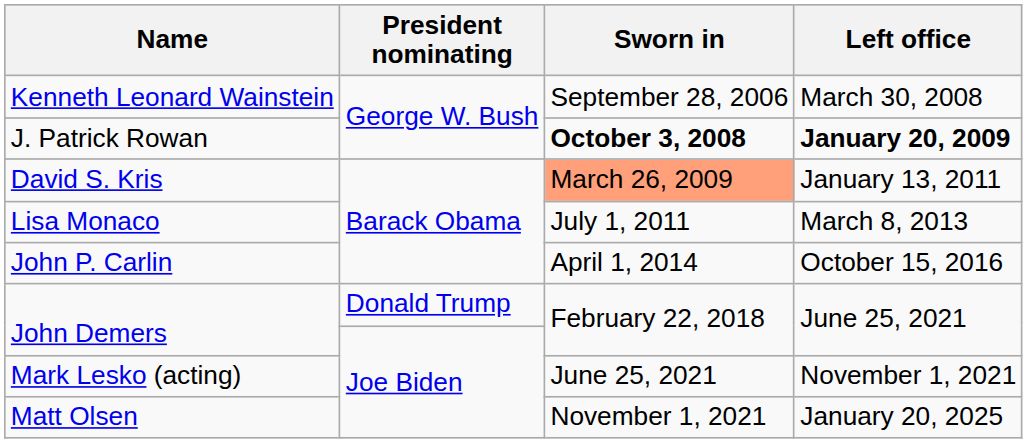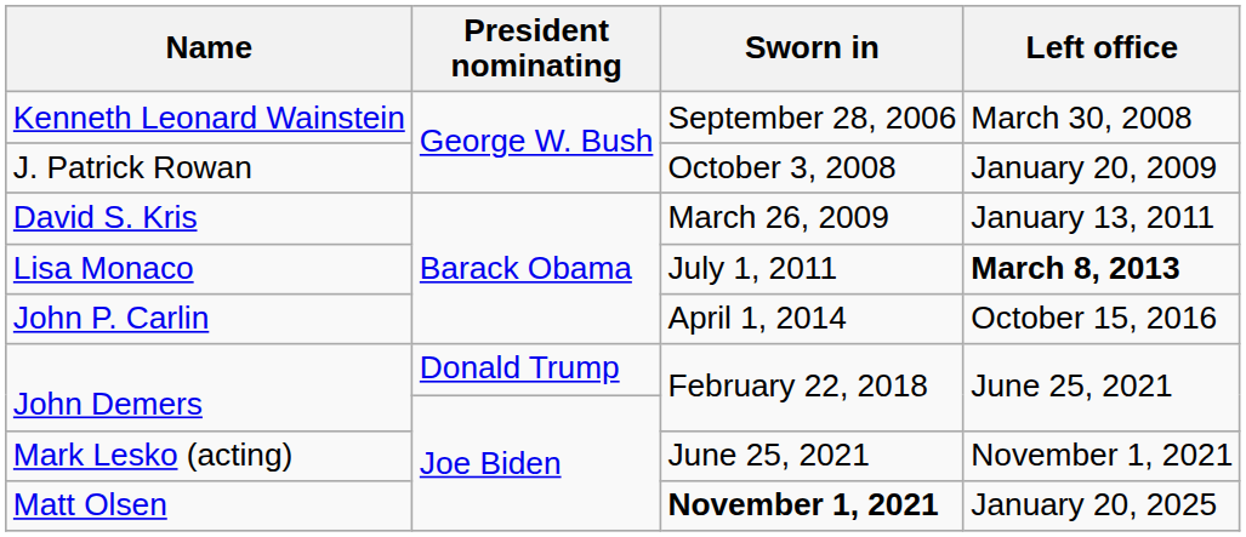 <table class="wikitable" border="1">
 <tr>
 <th>Name</th>
 <th>President<br>nominating</th>
 <th>Sworn in</th>
 <th>Left office</th>
 </tr>
 <tr>
 <td><a href='#'>Kenneth Leonard Wainstein</a></td>
 <td rowspan="2"><a href='#'>George W. Bush</a></td>
 <td>September 28, 2006</td>
 <td>March 30, 2008</td>
 </tr>
 <tr>
 <td>J. Patrick Rowan</td>
-<td><strong>October 3, 2008</strong></td>
-<td><strong>January 20, 2009</strong></td>
+<td>October 3, 2008</td>
+<td>January 20, 2009</td>
 </tr>
 <tr>
 <td><a href='#'>David S. Kris</a></td>
 <td rowspan="3"><a href='#'>Barack Obama</a></td>
-<td style="background: lightsalmon;">March 26, 2009</td>
+<td>March 26, 2009</td>
 <td>January 13, 2011</td>
 </tr>
 <tr>
 <td><a href='#'>Lisa Monaco</a></td>
 <td>July 1, 2011</td>
-<td>March 8, 2013</td>
+<td><strong>March 8, 2013</strong></td>
 </tr>
 <tr>
 <td><a href='#'>John P. Carlin</a></td>
 <td>April 1, 2014</td>
 <td>October 15, 2016</td>
 </tr>
 <tr>
 <td rowspan=2><br><a href='#'>John Demers</a> </td>
 <td><a href='#'>Donald Trump</a></td>
 <td rowspan=2>February 22, 2018</td>
 <td rowspan=2>June 25, 2021</td>
 </tr>
 <tr>
 <td rowspan=3><a href='#'>Joe Biden</a></td>
 </tr>
 <tr>
 <td><a href='#'>Mark Lesko</a> (acting)</td>
 <td>June 25, 2021</td>
 <td>November 1, 2021</td>
 </tr>
 <tr>
 <td><a href='#'>Matt Olsen</a></td>
-<td>November 1, 2021</td>
+<td><strong>November 1, 2021</strong></td>
 <td>January 20, 2025</td>
 </tr>
 </table>
